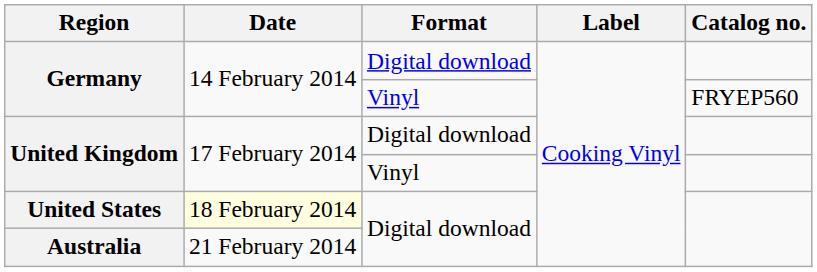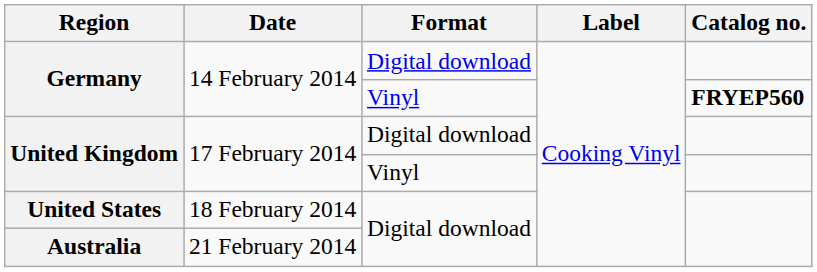 <table class="wikitable plainrowheaders">
 <tr>
 <th scope="col">Region</th>
 <th scope="col">Date</th>
 <th scope="col">Format</th>
 <th scope="col">Label</th>
 <th scope="col">Catalog no.</th>
 </tr>
 <tr>
 <th scope="row" rowspan="2">Germany</th>
 <td rowspan="2">14 February 2014</td>
 <td><a href='#'>Digital download</a></td>
 <td rowspan="6"><a href='#'>Cooking Vinyl</a></td>
 <td></td>
 </tr>
 <tr>
 <td><a href='#'>Vinyl</a></td>
-<td>FRYEP560</td>
+<td><strong>FRYEP560</strong></td>
 </tr>
 <tr>
 <th scope="row" rowspan="2">United Kingdom</th>
 <td rowspan="2">17 February 2014</td>
 <td>Digital download</td>
 <td></td>
 </tr>
 <tr>
 <td>Vinyl</td>
 <td></td>
 </tr>
 <tr>
 <th scope="row">United States</th>
-<td style="background: lightyellow;">18 February 2014</td>
+<td>18 February 2014</td>
 <td rowspan="2">Digital download</td>
 <td rowspan="2"></td>
 </tr>
 <tr>
 <th scope="row">Australia</th>
 <td>21 February 2014</td>
 </tr>
 </table>
